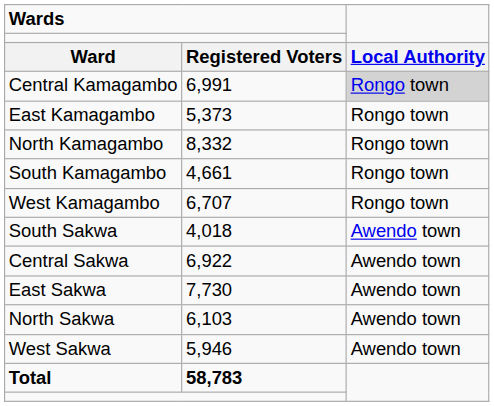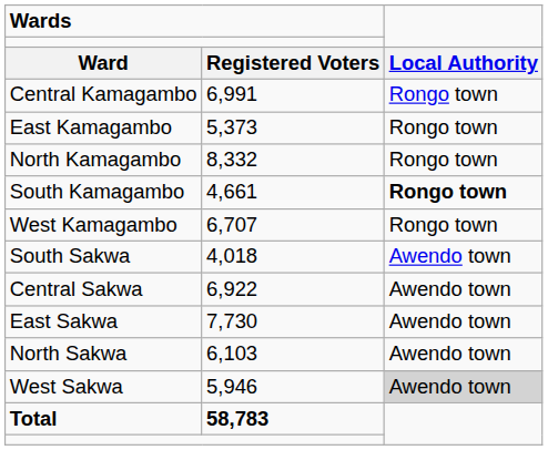 <table class="wikitable">
 <tr>
 <td colspan="2"><strong>Wards</strong></td>
 </tr>
 <tr>
 <td colspan="2"></td>
 </tr>
 <tr>
 <th>Ward</th>
 <th>Registered Voters</th>
 <th><a href='#'>Local Authority</a></th>
 </tr>
 <tr>
 <td>Central Kamagambo</td>
 <td>6,991</td>
-<td style="background: lightgrey;"><a href='#'>Rongo</a> town</td>
+<td><a href='#'>Rongo</a> town</td>
 </tr>
 <tr>
 <td>East Kamagambo</td>
 <td>5,373</td>
 <td>Rongo town</td>
 </tr>
 <tr>
 <td>North Kamagambo</td>
 <td>8,332</td>
 <td>Rongo town</td>
 </tr>
 <tr>
 <td>South Kamagambo</td>
 <td>4,661</td>
-<td>Rongo town</td>
+<td><strong>Rongo town</strong></td>
 </tr>
 <tr>
 <td>West Kamagambo</td>
 <td>6,707</td>
 <td>Rongo town</td>
 </tr>
 <tr>
 <td>South Sakwa</td>
 <td>4,018</td>
 <td><a href='#'>Awendo</a> town</td>
 </tr>
 <tr>
 <td>Central Sakwa</td>
 <td>6,922</td>
 <td>Awendo town</td>
 </tr>
 <tr>
 <td>East Sakwa</td>
 <td>7,730</td>
 <td>Awendo town</td>
 </tr>
 <tr>
 <td>North Sakwa</td>
 <td>6,103</td>
 <td>Awendo town</td>
 </tr>
 <tr>
 <td>West Sakwa</td>
 <td>5,946</td>
-<td>Awendo town</td>
+<td style="background: lightgrey;">Awendo town</td>
 </tr>
 <tr>
 <td><strong>Total</strong></td>
 <td><strong>58,783</strong></td>
 </tr>
 <tr>
 <td colspan="2"></td>
 </tr>
 </table>
